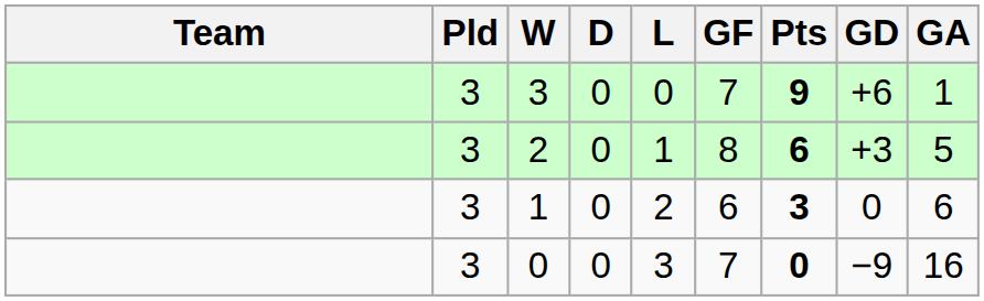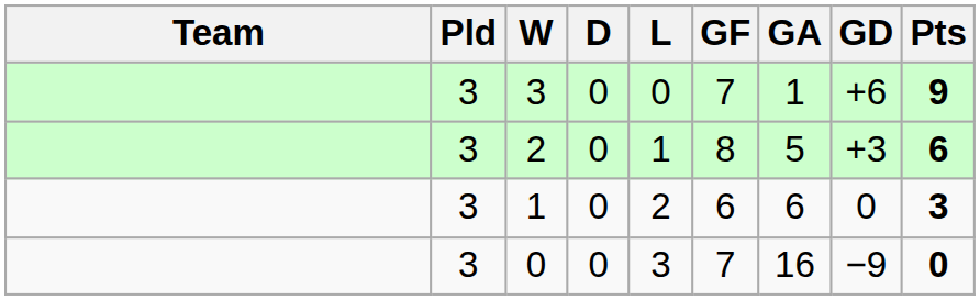 <table class="wikitable" style="text-align:center;">
 <tr>
 <th width=180>Team</th>
 <th width=20>Pld</th>
 <th width=20>W</th>
 <th width=20>D</th>
 <th width=20>L</th>
 <th width=20>GF</th>
+<th width=20>GA</th>
+<th width=20>GD</th>
 <th width=20>Pts</th>
-<th width=20>GD</th>
-<th width=20>GA</th>
 </tr>
 <tr bgcolor="ccffcc">
 <td align="left"></td>
 <td>3</td>
 <td>3</td>
 <td>0</td>
 <td>0</td>
 <td>7</td>
+<td>1</td>
+<td>+6</td>
 <td><strong>9</strong></td>
-<td>+6</td>
-<td>1</td>
 </tr>
 <tr bgcolor="ccffcc">
 <td align="left"></td>
 <td>3</td>
 <td>2</td>
 <td>0</td>
 <td>1</td>
 <td>8</td>
+<td>5</td>
+<td>+3</td>
 <td><strong>6</strong></td>
-<td>+3</td>
-<td>5</td>
 </tr>
 <tr>
 <td align="left"></td>
 <td>3</td>
 <td>1</td>
 <td>0</td>
 <td>2</td>
 <td>6</td>
+<td>6</td>
+<td>0</td>
 <td><strong>3</strong></td>
-<td>0</td>
-<td>6</td>
 </tr>
 <tr>
 <td align="left"></td>
 <td>3</td>
 <td>0</td>
 <td>0</td>
 <td>3</td>
 <td>7</td>
+<td>16</td>
+<td>−9</td>
 <td><strong>0</strong></td>
-<td>−9</td>
-<td>16</td>
 </tr>
 </table>
